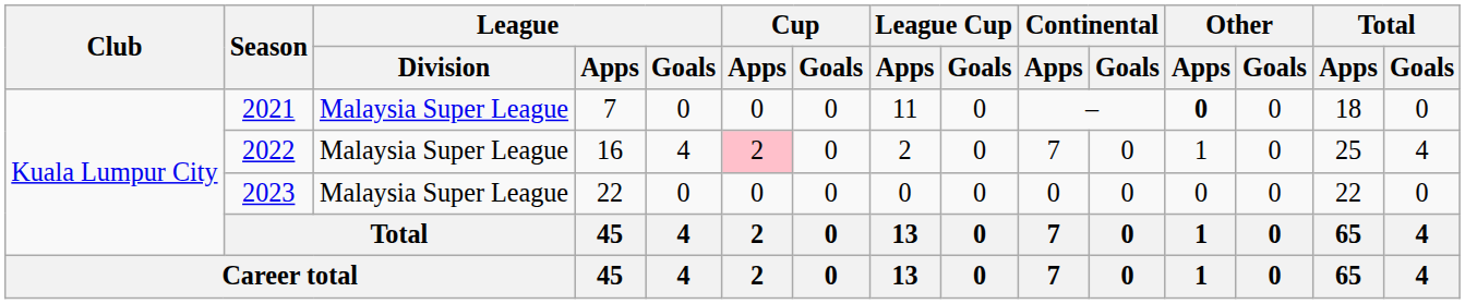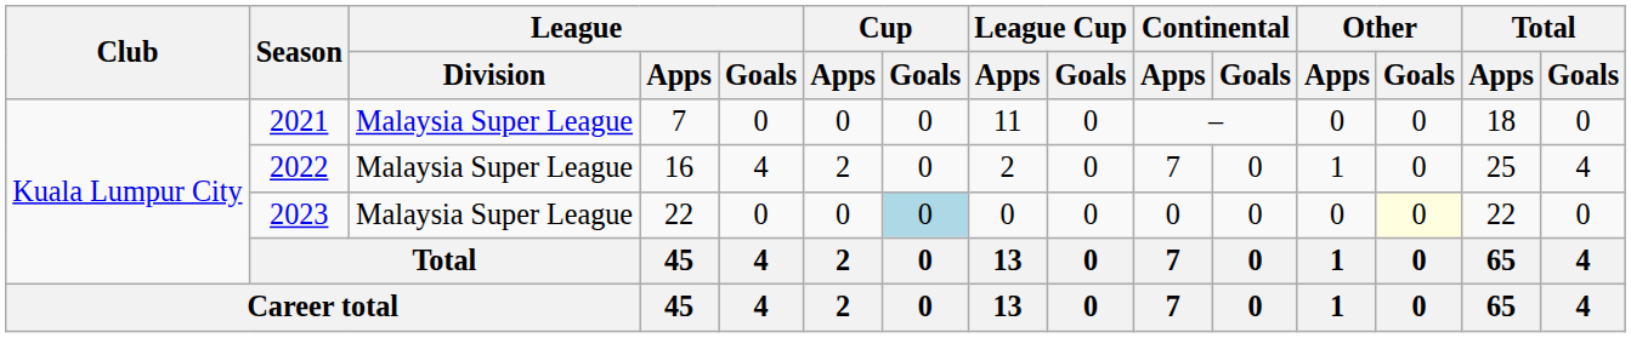 <table class=wikitable style="text-align:center">
 <tr>
 <th rowspan=2>Club</th>
 <th rowspan=2>Season</th>
 <th colspan=3>League</th>
 <th colspan=2>Cup</th>
 <th colspan=2>League Cup</th>
 <th colspan=2>Continental</th>
 <th colspan=2>Other</th>
 <th colspan=2>Total</th>
 </tr>
 <tr>
 <th>Division</th>
 <th>Apps</th>
 <th>Goals</th>
 <th>Apps</th>
 <th>Goals</th>
 <th>Apps</th>
 <th>Goals</th>
 <th>Apps</th>
 <th>Goals</th>
 <th>Apps</th>
 <th>Goals</th>
 <th>Apps</th>
 <th>Goals</th>
 </tr>
 <tr>
 <td rowspan=4><a href='#'>Kuala Lumpur City</a></td>
 <td><a href='#'>2021</a></td>
 <td><a href='#'>Malaysia Super League</a></td>
 <td>7</td>
 <td>0</td>
 <td>0</td>
 <td>0</td>
 <td>11</td>
 <td>0</td>
 <td colspan=2>–</td>
-<td><strong>0</strong></td>
+<td>0</td>
 <td>0</td>
 <td>18</td>
 <td>0</td>
 </tr>
 <tr>
 <td><a href='#'>2022</a></td>
 <td>Malaysia Super League</td>
 <td>16</td>
 <td>4</td>
-<td style="background: pink;">2</td>
+<td>2</td>
 <td>0</td>
 <td>2</td>
 <td>0</td>
 <td>7</td>
 <td>0</td>
 <td>1</td>
 <td>0</td>
 <td>25</td>
 <td>4</td>
 </tr>
 <tr>
 <td><a href='#'>2023</a></td>
 <td>Malaysia Super League</td>
 <td>22</td>
 <td>0</td>
 <td>0</td>
+<td style="background: lightblue;">0</td>
 <td>0</td>
 <td>0</td>
 <td>0</td>
 <td>0</td>
 <td>0</td>
-<td>0</td>
-<td>0</td>
+<td style="background: lightyellow;">0</td>
 <td>22</td>
 <td>0</td>
 </tr>
 <tr>
 <th colspan="2">Total</th>
 <th>45</th>
 <th>4</th>
 <th>2</th>
 <th>0</th>
 <th>13</th>
 <th>0</th>
 <th>7</th>
 <th>0</th>
 <th>1</th>
 <th>0</th>
 <th>65</th>
 <th>4</th>
 </tr>
 <tr>
 <th colspan="3">Career total</th>
 <th>45</th>
 <th>4</th>
 <th>2</th>
 <th>0</th>
 <th>13</th>
 <th>0</th>
 <th>7</th>
 <th>0</th>
 <th>1</th>
 <th>0</th>
 <th>65</th>
 <th>4</th>
 </tr>
 </table>
